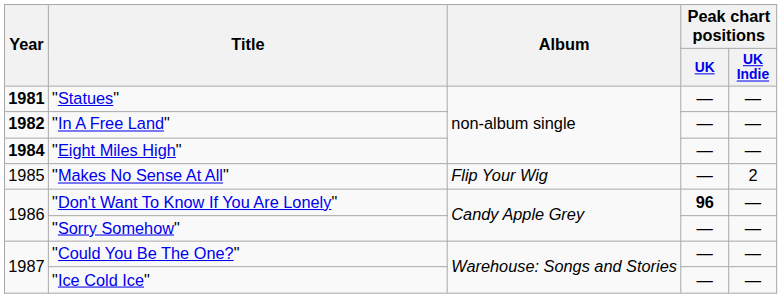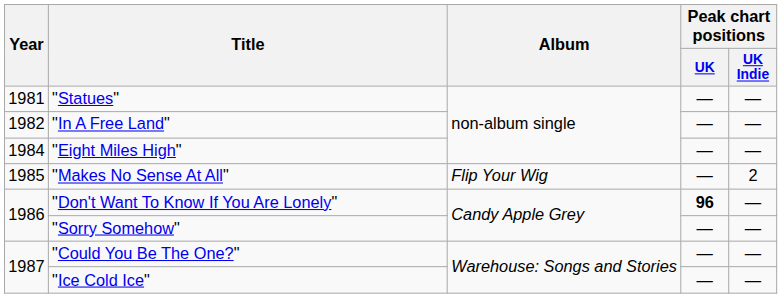 <table class="wikitable" style=text-align:center;>
 <tr>
 <th rowspan="2">Year</th>
 <th rowspan="2" style="width:24em;">Title</th>
 <th rowspan="2">Album</th>
 <th colspan="2">Peak chart positions</th>
 </tr>
 <tr>
 <th style="width:3em;font-size:85%"><a href='#'>UK</a> <br></th>
 <th style="width:3em;font-size:85%"><a href='#'>UK Indie</a> <br></th>
 </tr>
 <tr>
-<td><strong>1981</strong></td>
+<td>1981</td>
 <td align=left>"<a href='#'>Statues</a>"</td>
 <td align=left rowspan="3">non-album single</td>
 <td>—</td>
 <td>—</td>
 </tr>
 <tr>
-<td><strong>1982</strong></td>
+<td>1982</td>
 <td align=left>"<a href='#'>In A Free Land</a>"</td>
 <td>—</td>
 <td>—</td>
 </tr>
 <tr>
-<td><strong>1984</strong></td>
+<td>1984</td>
 <td align=left>"<a href='#'>Eight Miles High</a>"</td>
 <td>—</td>
 <td>—</td>
 </tr>
 <tr>
 <td>1985</td>
 <td align=left>"<a href='#'>Makes No Sense At All</a>"</td>
 <td align=left><em>Flip Your Wig</em></td>
 <td>—</td>
 <td>2</td>
 </tr>
 <tr>
 <td rowspan="2">1986</td>
 <td align=left>"<a href='#'>Don't Want To Know If You Are Lonely</a>"</td>
 <td align=left rowspan="2"><em>Candy Apple Grey</em></td>
 <td><strong>96</strong></td>
 <td>—</td>
 </tr>
 <tr>
 <td align=left>"<a href='#'>Sorry Somehow</a>"</td>
 <td>—</td>
 <td>—</td>
 </tr>
 <tr>
 <td rowspan="3">1987</td>
 <td align=left>"<a href='#'>Could You Be The One?</a>"</td>
 <td align=left rowspan="3"><em>Warehouse: Songs and Stories</em></td>
 <td>—</td>
 <td>—</td>
 </tr>
 <tr>
 <td align=left>"<a href='#'>Ice Cold Ice</a>"</td>
 <td>—</td>
 <td>—</td>
 </tr>
 </table>
